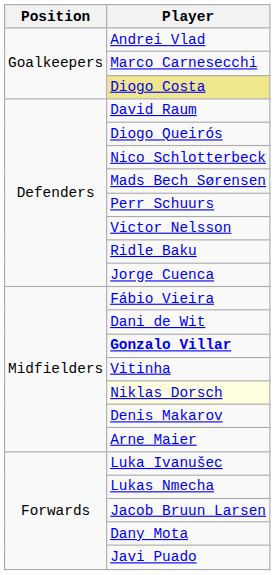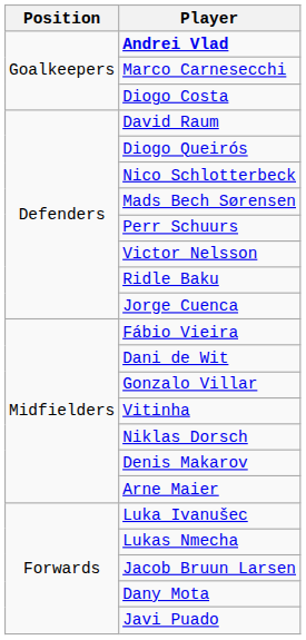 <table class="wikitable" style="text-align:center">
 <tr>
 <th>Position</th>
 <th>Player</th>
 </tr>
 <tr>
 <td rowspan=3>Goalkeepers</td>
-<td align=left> <a href='#'>Andrei Vlad</a></td>
+<td align=left><strong> <a href='#'>Andrei Vlad</a></strong></td>
 </tr>
 <tr>
 <td align=left> <a href='#'>Marco Carnesecchi</a></td>
 </tr>
 <tr>
-<td align=left style="background: khaki;"> <a href='#'>Diogo Costa</a></td>
+<td align=left> <a href='#'>Diogo Costa</a></td>
 </tr>
 <tr>
 <td rowspan=8>Defenders</td>
 <td align=left> <a href='#'>David Raum</a></td>
 </tr>
 <tr>
 <td align=left> <a href='#'>Diogo Queirós</a></td>
 </tr>
 <tr>
 <td align=left> <a href='#'>Nico Schlotterbeck</a></td>
 </tr>
 <tr>
 <td align=left> <a href='#'>Mads Bech Sørensen</a></td>
 </tr>
 <tr>
 <td align=left> <a href='#'>Perr Schuurs</a></td>
 </tr>
 <tr>
 <td align=left> <a href='#'>Victor Nelsson</a></td>
 </tr>
 <tr>
 <td align=left> <a href='#'>Ridle Baku</a></td>
 </tr>
 <tr>
 <td align=left> <a href='#'>Jorge Cuenca</a></td>
 </tr>
 <tr>
 <td rowspan=7>Midfielders</td>
 <td align=left> <a href='#'>Fábio Vieira</a></td>
 </tr>
 <tr>
 <td align=left> <a href='#'>Dani de Wit</a></td>
 </tr>
 <tr>
-<td align=left><strong> <a href='#'>Gonzalo Villar</a></strong></td>
+<td align=left> <a href='#'>Gonzalo Villar</a></td>
 </tr>
 <tr>
 <td align=left> <a href='#'>Vitinha</a></td>
 </tr>
 <tr>
-<td align=left style="background: lightyellow;"> <a href='#'>Niklas Dorsch</a></td>
+<td align=left> <a href='#'>Niklas Dorsch</a></td>
 </tr>
 <tr>
 <td align=left> <a href='#'>Denis Makarov</a></td>
 </tr>
 <tr>
 <td align=left> <a href='#'>Arne Maier</a></td>
 </tr>
 <tr>
 <td rowspan=5>Forwards</td>
 <td align=left> <a href='#'>Luka Ivanušec</a></td>
 </tr>
 <tr>
 <td align=left> <a href='#'>Lukas Nmecha</a></td>
 </tr>
 <tr>
 <td align=left> <a href='#'>Jacob Bruun Larsen</a></td>
 </tr>
 <tr>
 <td align=left> <a href='#'>Dany Mota</a></td>
 </tr>
 <tr>
 <td align=left> <a href='#'>Javi Puado</a></td>
 </tr>
 </table>
